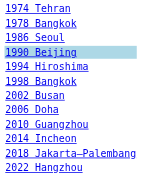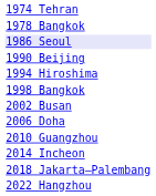 <table>
 <tr>
 <td><a href='#'>1974 Tehran</a></td>
 <td></td>
 <td></td>
 <td></td>
 </tr>
 <tr>
 <td><a href='#'>1978 Bangkok</a></td>
 <td></td>
 <td></td>
 <td></td>
 </tr>
 <tr>
-<td><a href='#'>1986 Seoul</a></td>
+<td style="background: lavender;"><a href='#'>1986 Seoul</a></td>
 <td></td>
 <td></td>
 <td></td>
 </tr>
 <tr>
-<td style="background: lightblue;"><a href='#'>1990 Beijing</a></td>
+<td><a href='#'>1990 Beijing</a></td>
 <td></td>
 <td></td>
 <td></td>
 </tr>
 <tr>
 <td><a href='#'>1994 Hiroshima</a></td>
 <td></td>
 <td></td>
 <td></td>
 </tr>
 <tr>
 <td><a href='#'>1998 Bangkok</a></td>
 <td></td>
 <td></td>
 <td></td>
 </tr>
 <tr>
 <td><a href='#'>2002 Busan</a></td>
 <td></td>
 <td></td>
 <td></td>
 </tr>
 <tr>
 <td rowspan=2><a href='#'>2006 Doha</a></td>
 <td rowspan=2></td>
 <td rowspan=2></td>
 <td></td>
 </tr>
 <tr>
 <td></td>
 </tr>
 <tr>
 <td rowspan=2><a href='#'>2010 Guangzhou</a></td>
 <td rowspan=2></td>
 <td rowspan=2></td>
 <td></td>
 </tr>
 <tr>
 <td></td>
 </tr>
 <tr>
 <td rowspan=2><a href='#'>2014 Incheon</a></td>
 <td rowspan=2></td>
 <td rowspan=2></td>
 <td></td>
 </tr>
 <tr>
 <td></td>
 </tr>
 <tr>
 <td rowspan=2><a href='#'>2018 Jakarta–Palembang</a></td>
 <td rowspan=2></td>
 <td rowspan=2></td>
 <td></td>
 </tr>
 <tr>
 <td></td>
 </tr>
 <tr>
 <td rowspan=2><a href='#'>2022 Hangzhou</a></td>
 <td rowspan=2></td>
 <td rowspan=2></td>
 <td></td>
 </tr>
 <tr>
 <td></td>
 </tr>
 </table>
